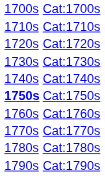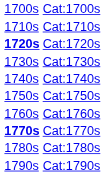 <table border=0>
 <tr>
 <td><a href='#'>1700s</a></td>
 <td><a href='#'>Cat:1700s</a></td>
 </tr>
 <tr>
 <td><a href='#'>1710s</a></td>
 <td><a href='#'>Cat:1710s</a></td>
 </tr>
 <tr>
-<td><a href='#'>1720s</a></td>
+<td><strong><a href='#'>1720s</a></strong></td>
 <td><a href='#'>Cat:1720s</a></td>
 </tr>
 <tr>
 <td><a href='#'>1730s</a></td>
 <td><a href='#'>Cat:1730s</a></td>
 </tr>
 <tr>
 <td><a href='#'>1740s</a></td>
 <td><a href='#'>Cat:1740s</a></td>
 </tr>
 <tr>
-<td><strong><a href='#'>1750s</a></strong></td>
+<td><a href='#'>1750s</a></td>
 <td><a href='#'>Cat:1750s</a></td>
 </tr>
 <tr>
 <td><a href='#'>1760s</a></td>
 <td><a href='#'>Cat:1760s</a></td>
 </tr>
 <tr>
-<td><a href='#'>1770s</a></td>
+<td><strong><a href='#'>1770s</a></strong></td>
 <td><a href='#'>Cat:1770s</a></td>
 </tr>
 <tr>
 <td><a href='#'>1780s</a></td>
 <td><a href='#'>Cat:1780s</a></td>
 </tr>
 <tr>
 <td><a href='#'>1790s</a></td>
 <td><a href='#'>Cat:1790s</a></td>
 </tr>
 </table>
